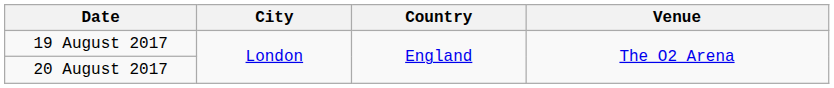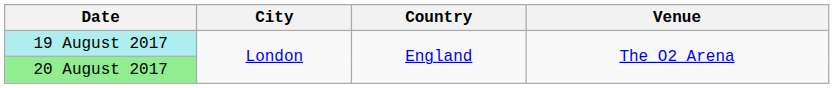 <table class="wikitable" style="text-align:center;">
 <tr>
 <th width="150">Date</th>
 <th width="120">City</th>
 <th width="135">Country</th>
 <th width="240">Venue</th>
 </tr>
 <tr>
-<td>19 August 2017</td>
+<td style="background: paleturquoise;">19 August 2017</td>
 <td rowspan="2"><a href='#'>London</a></td>
 <td rowspan="2"><a href='#'>England</a></td>
 <td rowspan="2"><a href='#'>The O2 Arena</a></td>
 </tr>
 <tr>
-<td>20 August 2017</td>
+<td style="background: lightgreen;">20 August 2017</td>
 </tr>
 </table>
